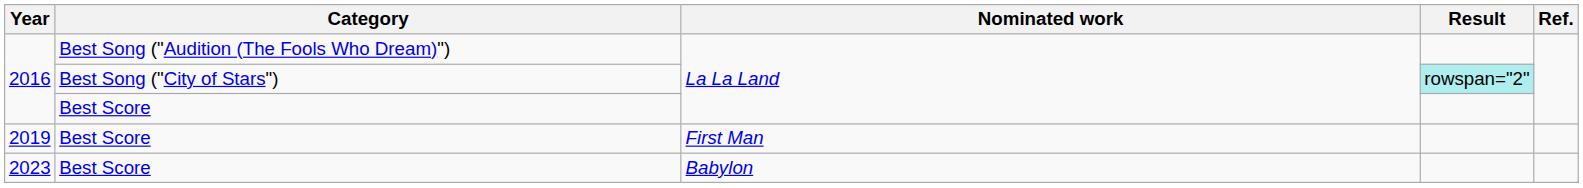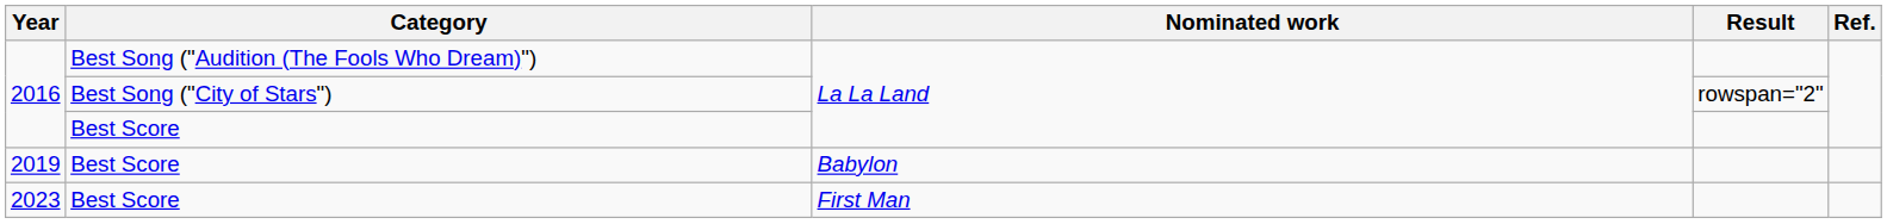 <table class=wikitable>
 <tr>
 <th scope="col" style="width:1em;">Year</th>
 <th scope="col" style="width:33em;">Category</th>
 <th scope="col" style="width:39em;">Nominated work</th>
 <th scope="col" style="width:5em;">Result</th>
 <th scope="col" style="width:1em;">Ref.</th>
 </tr>
 <tr>
 <td rowspan="3"><a href='#'>2016</a></td>
 <td><a href='#'>Best Song</a> ("<a href='#'>Audition (The Fools Who Dream)</a>")</td>
 <td rowspan="3"><em><a href='#'>La La Land</a></em></td>
 <td></td>
 <td rowspan="3"></td>
 </tr>
 <tr>
 <td><a href='#'>Best Song</a> ("<a href='#'>City of Stars</a>")</td>
-<td style="background: paleturquoise;">rowspan="2" </td>
+<td>rowspan="2" </td>
 </tr>
 <tr>
 <td><a href='#'>Best Score</a></td>
 </tr>
 <tr>
 <td><a href='#'>2019</a></td>
 <td><a href='#'>Best Score</a></td>
-<td><em><a href='#'>First Man</a></em></td>
+<td><em><a href='#'>Babylon</a></em></td>
 <td></td>
 </tr>
 <tr>
 <td><a href='#'>2023</a></td>
 <td><a href='#'>Best Score</a></td>
-<td><em><a href='#'>Babylon</a></em></td>
+<td><em><a href='#'>First Man</a></em></td>
 <td></td>
 <td></td>
 </tr>
 </table>
